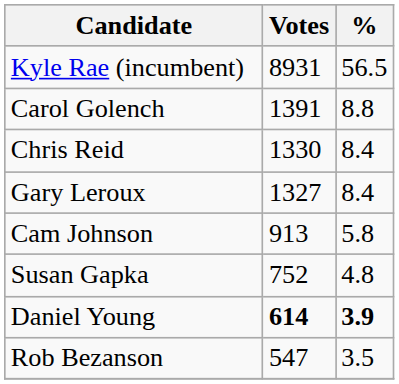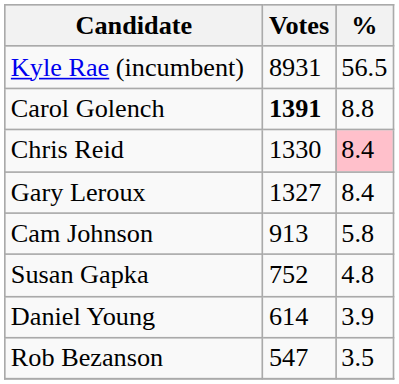 <table class="wikitable">
 <tr>
 <th bgcolor="#DDDDFF" width="150px">Candidate</th>
 <th bgcolor="#DDDDFF">Votes</th>
 <th bgcolor="#DDDDFF">%</th>
 </tr>
 <tr>
 <td><a href='#'>Kyle Rae</a> (incumbent)</td>
 <td>8931</td>
 <td>56.5</td>
 </tr>
 <tr>
 <td>Carol Golench</td>
-<td>1391</td>
+<td><strong>1391</strong></td>
 <td>8.8</td>
 </tr>
 <tr>
 <td>Chris Reid</td>
 <td>1330</td>
-<td>8.4</td>
+<td style="background: pink;">8.4</td>
 </tr>
 <tr>
 <td>Gary Leroux</td>
 <td>1327</td>
 <td>8.4</td>
 </tr>
 <tr>
 <td>Cam Johnson</td>
 <td>913</td>
 <td>5.8</td>
 </tr>
 <tr>
 <td>Susan Gapka</td>
 <td>752</td>
 <td>4.8</td>
 </tr>
 <tr>
 <td>Daniel Young</td>
-<td><strong>614</strong></td>
-<td><strong>3.9</strong></td>
+<td>614</td>
+<td>3.9</td>
 </tr>
 <tr>
 <td>Rob Bezanson</td>
 <td>547</td>
 <td>3.5</td>
 </tr>
 <tr>
 </tr>
 </table>
